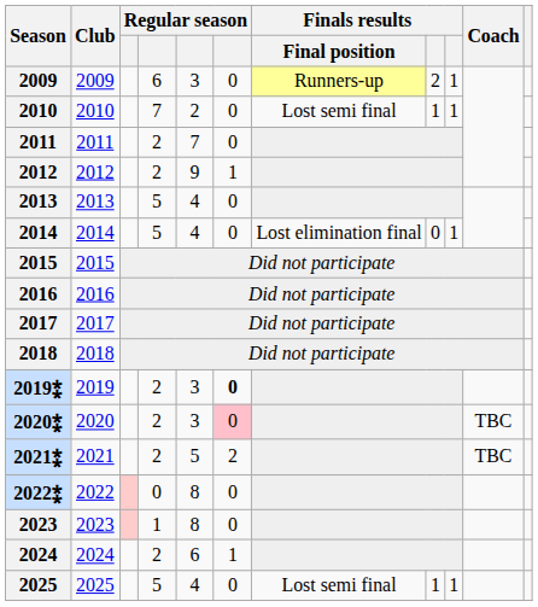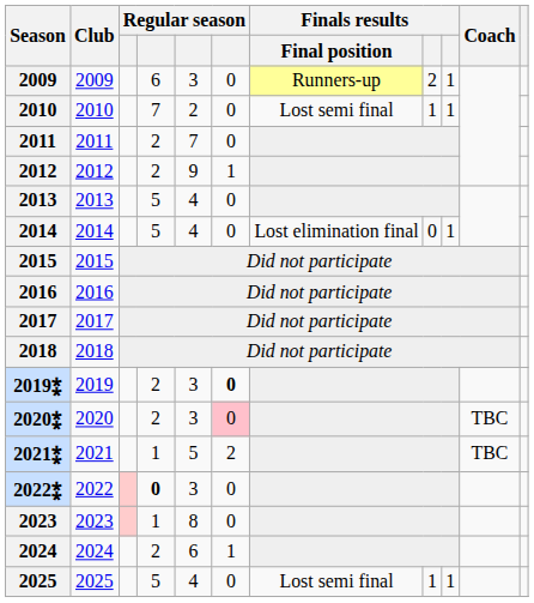 <table class="wikitable sortable plainrowheaders" style="text-align:center;">
 <tr>
 <th scope="col" rowspan=2>Season</th>
 <th scope="col" class="unsortable" rowspan=2>Club</th>
 <th scope="col" colspan="4">Regular season</th>
 <th scope="col" colspan="3">Finals results</th>
 <th scope="col" rowspan=2>Coach</th>
 <th scope="col" class="unsortable" rowspan=2></th>
 </tr>
 <tr>
 <th scope="col"></th>
 <th scope="col"></th>
 <th scope="col"></th>
 <th scope="col"></th>
 <th scope="col">Final position</th>
 <th scope="col"></th>
 <th scope="col"></th>
 </tr>
 <tr>
 <th scope="row" style="text-align:center;">2009</th>
 <td><a href='#'>2009</a></td>
 <td></td>
 <td>6</td>
 <td>3</td>
 <td>0</td>
 <td style="background:#ff9;">Runners-up</td>
 <td>2</td>
 <td>1</td>
 <td rowspan=4></td>
 <td></td>
 </tr>
 <tr>
 <th scope="row" style="text-align:center;">2010</th>
 <td><a href='#'>2010</a></td>
 <td></td>
 <td>7</td>
 <td>2</td>
 <td>0</td>
 <td>Lost semi final</td>
 <td>1</td>
 <td>1</td>
 <td></td>
 </tr>
 <tr>
 <th scope="row" style="text-align:center;">2011</th>
 <td><a href='#'>2011</a></td>
 <td></td>
 <td>2</td>
 <td>7</td>
 <td>0</td>
 <td colspan=3 style="background:#efefef;"></td>
 <td></td>
 </tr>
 <tr>
 <th scope="row" style="text-align:center;">2012</th>
 <td><a href='#'>2012</a></td>
 <td></td>
 <td>2</td>
 <td>9</td>
 <td>1</td>
 <td colspan=3 style="background:#efefef;"></td>
 <td></td>
 </tr>
 <tr>
 <th scope="row" style="text-align:center;">2013</th>
 <td><a href='#'>2013</a></td>
 <td></td>
 <td>5</td>
 <td>4</td>
 <td>0</td>
 <td colspan=3 style="background:#efefef;"></td>
 <td rowspan=2></td>
 <td></td>
 </tr>
 <tr>
 <th scope="row" style="text-align:center;">2014</th>
 <td><a href='#'>2014</a></td>
 <td></td>
 <td>5</td>
 <td>4</td>
 <td>0</td>
 <td>Lost elimination final</td>
 <td>0</td>
 <td>1</td>
 <td></td>
 </tr>
 <tr>
 <th scope="row" style="text-align:center;">2015</th>
 <td><a href='#'>2015</a></td>
 <td colspan=8 style="background:#efefef;"><em>Did not participate</em></td>
 <td></td>
 </tr>
 <tr>
 <th scope="row" style="text-align:center;">2016</th>
 <td><a href='#'>2016</a></td>
 <td colspan=8 style="background:#efefef;"><em>Did not participate</em></td>
 <td></td>
 </tr>
 <tr>
 <th scope="row" style="text-align:center;">2017</th>
 <td><a href='#'>2017</a></td>
 <td colspan=8 style="background:#efefef;"><em>Did not participate</em></td>
 <td></td>
 </tr>
 <tr>
 <th scope="row" style="text-align:center;">2018</th>
 <td><a href='#'>2018</a></td>
 <td colspan=8 style="background:#efefef;"><em>Did not participate</em></td>
 <td></td>
 </tr>
 <tr>
 <th scope="row" style="text-align:center; background:#c7dfff;">2019⁑</th>
 <td><a href='#'>2019</a></td>
 <td></td>
 <td>2</td>
 <td>3</td>
 <td><strong>0</strong></td>
 <td colspan=3 style="background:#efefef;"></td>
 <td></td>
 <td></td>
 </tr>
 <tr>
 <th scope="row" style="text-align:center; background:#c7dfff;">2020⁑</th>
 <td><a href='#'>2020</a></td>
 <td></td>
 <td>2</td>
 <td>3</td>
 <td style="background: pink;">0</td>
 <td colspan=3 style="background:#efefef;"></td>
 <td>TBC</td>
 <td></td>
 </tr>
 <tr>
 <th scope="row" style="text-align:center; background:#c7dfff;">2021⁑</th>
 <td><a href='#'>2021</a></td>
 <td></td>
-<td>2</td>
+<td>1</td>
 <td>5</td>
 <td>2</td>
 <td colspan=3 style="background:#efefef;"></td>
 <td>TBC</td>
 <td></td>
 </tr>
 <tr>
 <th scope="row" style="text-align:center; background:#c7dfff;">2022⁑</th>
 <td><a href='#'>2022</a></td>
 <td style="background-color:#fcc;"></td>
-<td>0</td>
-<td>8</td>
+<td><strong>0</strong></td>
+<td>3</td>
 <td>0</td>
 <td colspan=3 style="background:#efefef;"></td>
 <td></td>
 <td></td>
 </tr>
 <tr>
 <th scope="row" style="text-align:center;">2023</th>
 <td><a href='#'>2023</a></td>
 <td style="background-color:#fcc;"></td>
 <td>1</td>
 <td>8</td>
 <td>0</td>
 <td colspan=3 style="background:#efefef;"></td>
 <td></td>
 <td></td>
 </tr>
 <tr>
 <th scope="row" style="text-align:center;">2024</th>
 <td><a href='#'>2024</a></td>
 <td></td>
 <td>2</td>
 <td>6</td>
 <td>1</td>
 <td colspan=3 style="background:#efefef;"></td>
 <td></td>
 <td></td>
 </tr>
 <tr>
 <th scope="row" style="text-align:center;">2025</th>
 <td><a href='#'>2025</a></td>
 <td></td>
 <td>5</td>
 <td>4</td>
 <td>0</td>
 <td>Lost semi final</td>
 <td>1</td>
 <td>1</td>
 <td></td>
 <td></td>
 </tr>
 <tr>
 </tr>
 </table>
